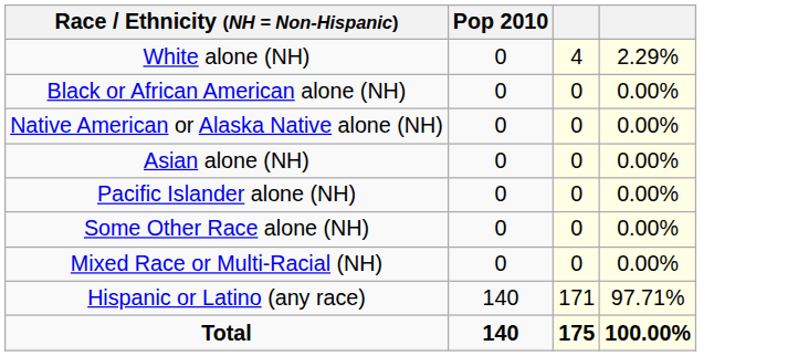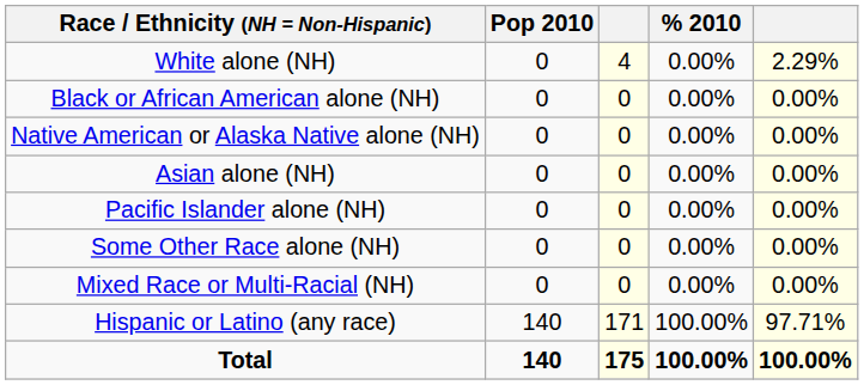 <table class="wikitable" style="text-align:center;">
 <tr>
 <th>Race / Ethnicity <small>(<em>NH = Non-Hispanic</em>)</small></th>
 <th>Pop 2010</th>
 <th></th>
+<th>% 2010</th>
 <th></th>
 </tr>
 <tr>
 <td><a href='#'>White</a> alone (NH)</td>
 <td>0</td>
 <td style='background: #ffffe6;'>4</td>
+<td>0.00%</td>
 <td style='background: #ffffe6;'>2.29%</td>
 </tr>
 <tr>
 <td><a href='#'>Black or African American</a> alone (NH)</td>
 <td>0</td>
 <td style='background: #ffffe6;'>0</td>
+<td>0.00%</td>
 <td style='background: #ffffe6;'>0.00%</td>
 </tr>
 <tr>
 <td><a href='#'>Native American</a> or <a href='#'>Alaska Native</a> alone (NH)</td>
 <td>0</td>
 <td style='background: #ffffe6;'>0</td>
+<td>0.00%</td>
 <td style='background: #ffffe6;'>0.00%</td>
 </tr>
 <tr>
 <td><a href='#'>Asian</a> alone (NH)</td>
 <td>0</td>
 <td style='background: #ffffe6;'>0</td>
+<td>0.00%</td>
 <td style='background: #ffffe6;'>0.00%</td>
 </tr>
 <tr>
 <td><a href='#'>Pacific Islander</a> alone (NH)</td>
 <td>0</td>
 <td style='background: #ffffe6;'>0</td>
+<td>0.00%</td>
 <td style='background: #ffffe6;'>0.00%</td>
 </tr>
 <tr>
 <td><a href='#'>Some Other Race</a> alone (NH)</td>
 <td>0</td>
 <td style='background: #ffffe6;'>0</td>
+<td>0.00%</td>
 <td style='background: #ffffe6;'>0.00%</td>
 </tr>
 <tr>
 <td><a href='#'>Mixed Race or Multi-Racial</a> (NH)</td>
 <td>0</td>
 <td style='background: #ffffe6;'>0</td>
+<td>0.00%</td>
 <td style='background: #ffffe6;'>0.00%</td>
 </tr>
 <tr>
 <td><a href='#'>Hispanic or Latino</a> (any race)</td>
 <td>140</td>
 <td style='background: #ffffe6;'>171</td>
+<td>100.00%</td>
 <td style='background: #ffffe6;'>97.71%</td>
 </tr>
 <tr>
 <td><strong>Total</strong></td>
 <td><strong>140</strong></td>
 <td style='background: #ffffe6;'><strong>175</strong></td>
+<td><strong>100.00%</strong></td>
 <td style='background: #ffffe6;'><strong>100.00%</strong></td>
 </tr>
 </table>
